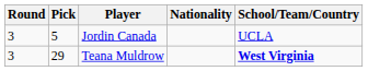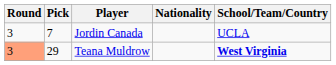 <table class="wikitable">
 <tr>
 <th>Round</th>
 <th>Pick</th>
 <th>Player</th>
 <th>Nationality</th>
 <th>School/Team/Country</th>
 </tr>
 <tr>
 <td>3</td>
-<td>5</td>
+<td>7</td>
 <td><a href='#'>Jordin Canada</a></td>
 <td></td>
 <td><a href='#'>UCLA</a></td>
 </tr>
 <tr>
-<td>3</td>
+<td style="background: lightsalmon;">3</td>
 <td>29</td>
 <td><a href='#'>Teana Muldrow</a></td>
 <td></td>
 <td><strong><a href='#'>West Virginia</a></strong></td>
 </tr>
 </table>
